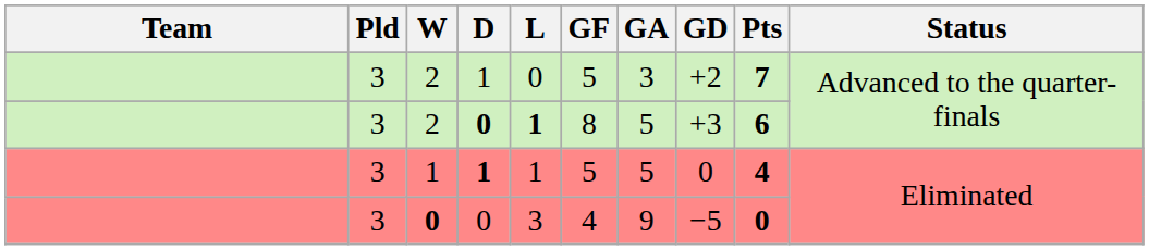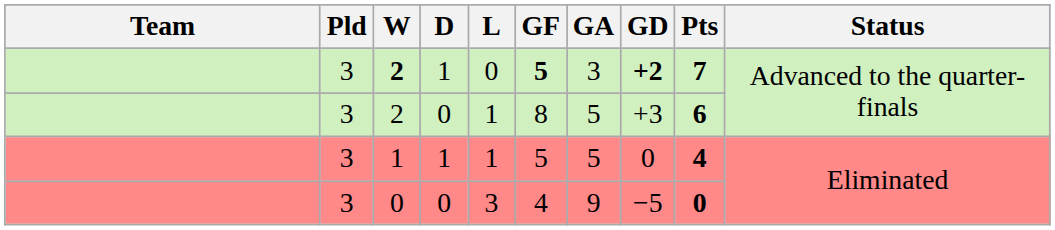 <table class="wikitable" style="text-align: center;">
 <tr>
 <th width="175">Team</th>
 <th width="20">Pld</th>
 <th width="20">W</th>
 <th width="20">D</th>
 <th width="20">L</th>
 <th width="20">GF</th>
 <th width="20">GA</th>
 <th width="20">GD</th>
 <th width="20">Pts</th>
 <th width="181">Status</th>
 </tr>
 <tr bgcolor=#D0F0C0>
 <td align=left></td>
 <td>3</td>
-<td>2</td>
+<td><strong>2</strong></td>
 <td>1</td>
 <td>0</td>
-<td>5</td>
+<td><strong>5</strong></td>
 <td>3</td>
-<td>+2</td>
+<td><strong>+2</strong></td>
 <td><strong>7</strong></td>
 <td rowspan=2>Advanced to the quarter-finals</td>
 </tr>
 <tr bgcolor=#D0F0C0>
 <td align=left></td>
 <td>3</td>
 <td>2</td>
-<td><strong>0</strong></td>
-<td><strong>1</strong></td>
+<td>0</td>
+<td>1</td>
 <td>8</td>
 <td>5</td>
 <td>+3</td>
 <td><strong>6</strong></td>
 </tr>
 <tr bgcolor=#FF8888>
 <td align=left></td>
 <td>3</td>
 <td>1</td>
-<td><strong>1</strong></td>
+<td>1</td>
 <td>1</td>
 <td>5</td>
 <td>5</td>
 <td>0</td>
 <td><strong>4</strong></td>
 <td rowspan=2>Eliminated</td>
 </tr>
 <tr bgcolor=#FF8888>
 <td align=left></td>
 <td>3</td>
-<td><strong>0</strong></td>
+<td>0</td>
 <td>0</td>
 <td>3</td>
 <td>4</td>
 <td>9</td>
 <td>−5</td>
 <td><strong>0</strong></td>
 </tr>
 </table>
